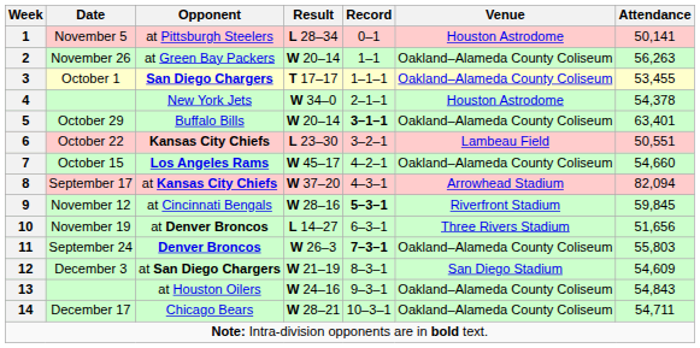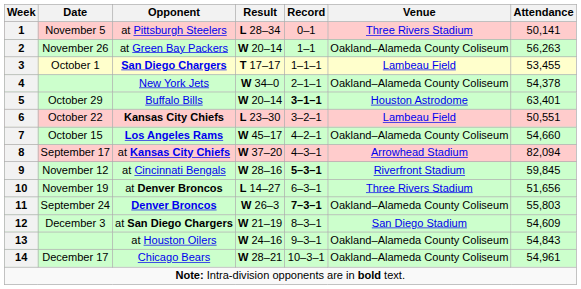 <table class="wikitable" style="text-align:center">
 <tr>
 <th>Week</th>
 <th>Date</th>
 <th>Opponent</th>
 <th>Result</th>
 <th>Record</th>
 <th>Venue</th>
 <th>Attendance</th>
 </tr>
 <tr style="background:#fcc">
 <th>1</th>
 <td>November 5</td>
 <td>at <a href='#'>Pittsburgh Steelers</a></td>
 <td><strong>L</strong> 28–34</td>
 <td>0–1</td>
-<td><a href='#'>Houston Astrodome</a></td>
+<td><a href='#'>Three Rivers Stadium</a></td>
 <td>50,141</td>
 </tr>
 <tr style="background:#cfc">
 <th>2</th>
 <td>November 26</td>
 <td>at <a href='#'>Green Bay Packers</a></td>
 <td><strong>W</strong> 20–14</td>
 <td>1–1</td>
 <td>Oakland–Alameda County Coliseum</td>
 <td>56,263</td>
 </tr>
 <tr style="background:#ffc">
 <th>3</th>
 <td>October 1</td>
 <td><strong><a href='#'>San Diego Chargers</a></strong></td>
 <td><strong>T</strong> 17–17</td>
 <td>1–1–1</td>
-<td><a href='#'>Oakland–Alameda County Coliseum</a></td>
+<td><a href='#'>Lambeau Field</a></td>
 <td>53,455</td>
 </tr>
 <tr style="background:#cfc">
 <th>4</th>
 <td></td>
 <td><a href='#'>New York Jets</a></td>
 <td><strong>W</strong> 34–0</td>
 <td>2–1–1</td>
-<td><a href='#'>Houston Astrodome</a></td>
+<td>Oakland–Alameda County Coliseum</td>
 <td>54,378</td>
 </tr>
 <tr style="background:#cfc">
 <th>5</th>
 <td>October 29</td>
 <td><a href='#'>Buffalo Bills</a></td>
 <td><strong>W</strong> 20–14</td>
 <td><strong>3–1–1</strong></td>
-<td>Oakland–Alameda County Coliseum</td>
+<td><a href='#'>Houston Astrodome</a></td>
 <td>63,401</td>
 </tr>
 <tr style="background:#fcc">
 <th>6</th>
 <td>October 22</td>
 <td><strong>Kansas City Chiefs</strong></td>
 <td><strong>L</strong> 23–30</td>
 <td>3–2–1</td>
 <td><a href='#'>Lambeau Field</a></td>
 <td>50,551</td>
 </tr>
 <tr style="background:#cfc">
 <th>7</th>
 <td>October 15</td>
 <td><strong><a href='#'>Los Angeles Rams</a></strong></td>
 <td><strong>W</strong> 45–17</td>
 <td>4–2–1</td>
 <td>Oakland–Alameda County Coliseum</td>
 <td>54,660</td>
 </tr>
 <tr style="background:#fcc">
 <th>8</th>
 <td>September 17</td>
 <td>at <strong><a href='#'>Kansas City Chiefs</a></strong></td>
 <td><strong>W</strong> 37–20</td>
 <td>4–3–1</td>
 <td><a href='#'>Arrowhead Stadium</a></td>
 <td>82,094</td>
 </tr>
 <tr style="background:#cfc">
 <th>9</th>
 <td>November 12</td>
 <td>at <a href='#'>Cincinnati Bengals</a></td>
 <td><strong>W</strong> 28–16</td>
 <td><strong>5–3–1</strong></td>
 <td><a href='#'>Riverfront Stadium</a></td>
 <td>59,845</td>
 </tr>
 <tr style="background:#cfc">
 <th>10</th>
 <td>November 19</td>
 <td>at <strong>Denver Broncos</strong></td>
 <td><strong>L</strong> 14–27</td>
 <td>6–3–1</td>
 <td><a href='#'>Three Rivers Stadium</a></td>
 <td>51,656</td>
 </tr>
 <tr style="background:#cfc">
 <th>11</th>
 <td>September 24</td>
 <td><strong><a href='#'>Denver Broncos</a></strong></td>
 <td><strong>W</strong> 26–3</td>
 <td><strong>7–3–1</strong></td>
 <td>Oakland–Alameda County Coliseum</td>
 <td>55,803</td>
 </tr>
 <tr style="background:#cfc">
 <th>12</th>
 <td>December 3</td>
 <td>at <strong>San Diego Chargers</strong></td>
 <td><strong>W</strong> 21–19</td>
 <td>8–3–1</td>
 <td><a href='#'>San Diego Stadium</a></td>
 <td>54,609</td>
 </tr>
 <tr style="background:#cfc">
 <th>13</th>
 <td></td>
 <td>at <a href='#'>Houston Oilers</a></td>
 <td><strong>W</strong> 24–16</td>
 <td>9–3–1</td>
 <td>Oakland–Alameda County Coliseum</td>
 <td>54,843</td>
 </tr>
 <tr style="background:#cfc">
 <th>14</th>
 <td>December 17</td>
 <td><a href='#'>Chicago Bears</a></td>
 <td><strong>W</strong> 28–21</td>
 <td>10–3–1</td>
 <td>Oakland–Alameda County Coliseum</td>
-<td>54,711</td>
+<td>54,961</td>
 </tr>
 <tr>
 <td colspan="7"><strong>Note:</strong> Intra-division opponents are in <strong>bold</strong> text.</td>
 </tr>
 </table>
